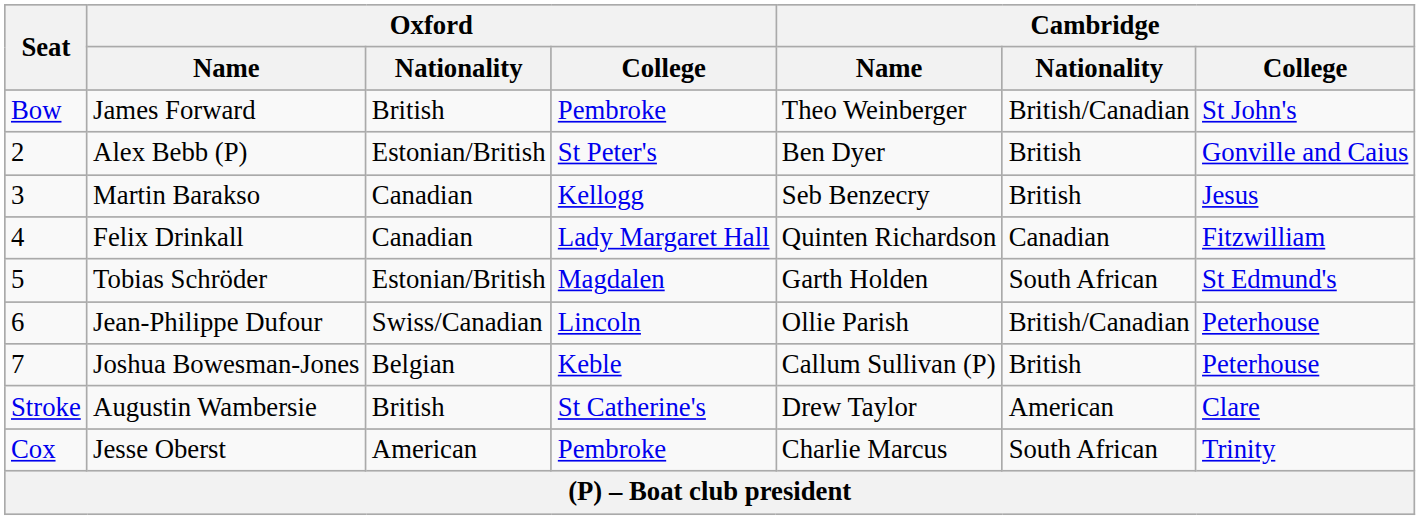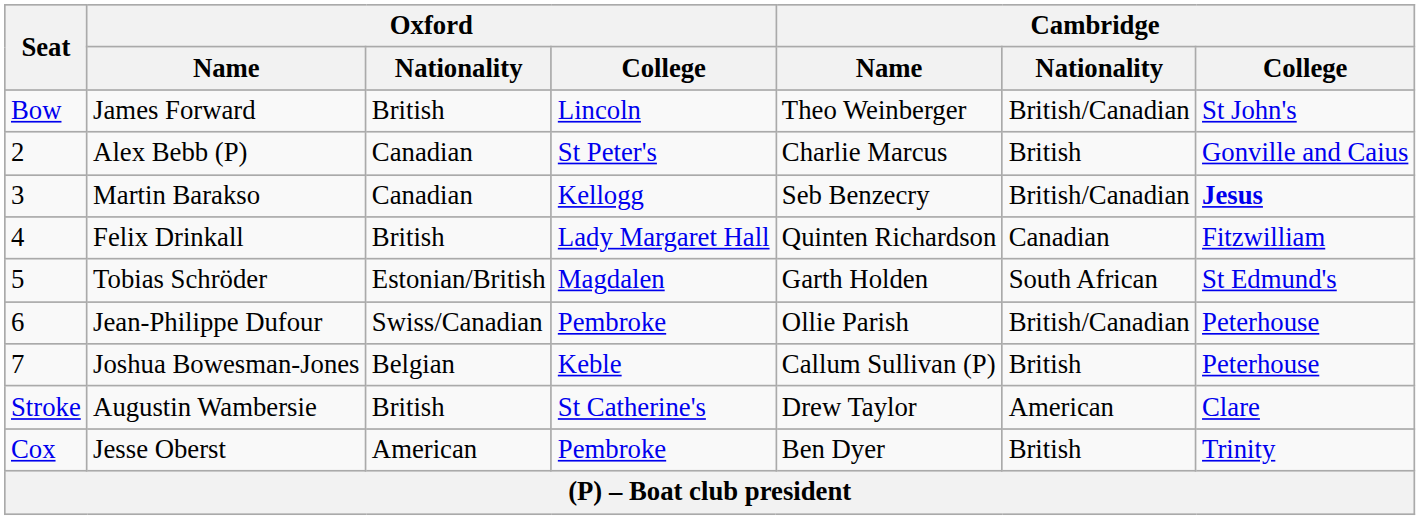 <table class="wikitable">
 <tr>
 <th rowspan="2" scope="col">Seat</th>
 <th colspan="3" scope="col">Oxford</th>
 <th colspan="3" scope="col">Cambridge</th>
 </tr>
 <tr>
 <th scope=row>Name</th>
 <th scope=row>Nationality</th>
 <th scope=row>College</th>
 <th scope=row>Name</th>
 <th scope=row>Nationality</th>
 <th scope=row>College</th>
 </tr>
 <tr>
 <td><a href='#'>Bow</a></td>
 <td>James Forward</td>
 <td>British</td>
-<td><a href='#'>Pembroke</a></td>
+<td><a href='#'>Lincoln</a></td>
 <td>Theo Weinberger</td>
 <td>British/Canadian</td>
 <td><a href='#'>St John's</a></td>
 </tr>
 <tr>
 <td>2</td>
 <td>Alex Bebb (P)</td>
-<td>Estonian/British</td>
+<td>Canadian</td>
 <td><a href='#'>St Peter's</a></td>
-<td>Ben Dyer</td>
+<td>Charlie Marcus</td>
 <td>British</td>
 <td><a href='#'>Gonville and Caius</a></td>
 </tr>
 <tr>
 <td>3</td>
 <td>Martin Barakso</td>
 <td>Canadian</td>
 <td><a href='#'>Kellogg</a></td>
 <td>Seb Benzecry</td>
-<td>British</td>
-<td><a href='#'>Jesus</a></td>
+<td>British/Canadian</td>
+<td><strong><a href='#'>Jesus</a></strong></td>
 </tr>
 <tr>
 <td>4</td>
 <td>Felix Drinkall</td>
-<td>Canadian</td>
+<td>British</td>
 <td><a href='#'> Lady Margaret Hall</a></td>
 <td>Quinten Richardson</td>
 <td>Canadian</td>
 <td><a href='#'> Fitzwilliam</a></td>
 </tr>
 <tr>
 <td>5</td>
 <td>Tobias Schröder</td>
 <td>Estonian/British</td>
 <td><a href='#'>Magdalen</a></td>
 <td>Garth Holden</td>
 <td>South African</td>
 <td><a href='#'>St Edmund's</a></td>
 </tr>
 <tr>
 <td>6</td>
 <td>Jean-Philippe Dufour</td>
 <td>Swiss/Canadian</td>
-<td><a href='#'>Lincoln</a></td>
+<td><a href='#'>Pembroke</a></td>
 <td>Ollie Parish</td>
 <td>British/Canadian</td>
 <td><a href='#'>Peterhouse</a></td>
 </tr>
 <tr>
 <td>7</td>
 <td>Joshua Bowesman-Jones</td>
 <td>Belgian</td>
 <td><a href='#'>Keble</a></td>
 <td>Callum Sullivan (P)</td>
 <td>British</td>
 <td><a href='#'>Peterhouse</a></td>
 </tr>
 <tr>
 <td><a href='#'>Stroke</a></td>
 <td>Augustin Wambersie</td>
 <td>British</td>
 <td><a href='#'> St Catherine's</a></td>
 <td>Drew Taylor</td>
 <td>American</td>
 <td><a href='#'> Clare</a></td>
 </tr>
 <tr>
 <td><a href='#'>Cox</a></td>
 <td>Jesse Oberst</td>
 <td>American</td>
 <td><a href='#'> Pembroke</a></td>
-<td>Charlie Marcus</td>
-<td>South African</td>
+<td>Ben Dyer</td>
+<td>British</td>
 <td><a href='#'>Trinity</a></td>
 </tr>
 <tr>
 <th colspan=7>(P) – Boat club president</th>
 </tr>
 </table>
